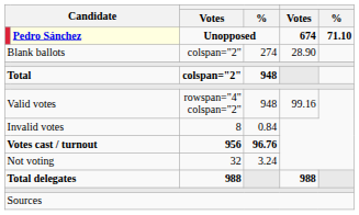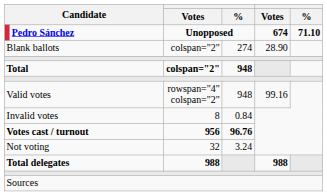 <table class="wikitable" style="text-align:right;">
 <tr>
 <th rowspan="2" colspan="2" width="250">Candidate</th>
 <th colspan="2"></th>
 <th colspan="2"></th>
 </tr>
 <tr>
 <th width="50">Votes</th>
 <th width="45">%</th>
 <th width="50">Votes</th>
 <th width="45">%</th>
 </tr>
 <tr>
 <td width="1" style="color:inherit;background:#DD2239"></td>
-<td align="left" style="background: lightyellow;"><strong><a href='#'>Pedro Sánchez</a></strong></td>
+<td align="left"><strong><a href='#'>Pedro Sánchez</a></strong></td>
 <td colspan="2" align="center"><strong>Unopposed</strong></td>
 <td><strong>674</strong></td>
 <td><strong>71.10</strong></td>
 </tr>
 <tr>
 <td align="left" colspan="2">Blank ballots</td>
 <td>colspan="2" </td>
 <td>274</td>
 <td>28.90</td>
 </tr>
 <tr>
 <td colspan="6" bgcolor="#E9E9E9"></td>
 </tr>
 <tr style="font-weight:bold;">
 <td align="left" colspan="2">Total</td>
 <td>colspan="2" </td>
 <td>948</td>
 <td bgcolor="#E9E9E9"></td>
 </tr>
 <tr>
 <td colspan="6" bgcolor="#E9E9E9"></td>
 </tr>
 <tr>
 <td align="left" colspan="2">Valid votes</td>
 <td>rowspan="4" colspan="2" </td>
 <td>948</td>
 <td>99.16</td>
 </tr>
 <tr>
 <td align="left" colspan="2">Invalid votes</td>
 <td>8</td>
 <td>0.84</td>
 </tr>
 <tr style="font-weight:bold;">
 <td align="left" colspan="2">Votes cast / turnout</td>
 <td>956</td>
 <td>96.76</td>
 </tr>
 <tr>
 <td align="left" colspan="2">Not voting</td>
 <td>32</td>
 <td>3.24</td>
 </tr>
 <tr style="font-weight:bold;">
 <td align="left" colspan="2">Total delegates</td>
 <td>988</td>
 <td bgcolor="#E9E9E9"></td>
 <td>988</td>
 <td bgcolor="#E9E9E9"></td>
 </tr>
 <tr>
 <td colspan="6" bgcolor="#E9E9E9"></td>
 </tr>
 <tr>
 <td align="left" colspan="6">Sources</td>
 </tr>
 </table>
